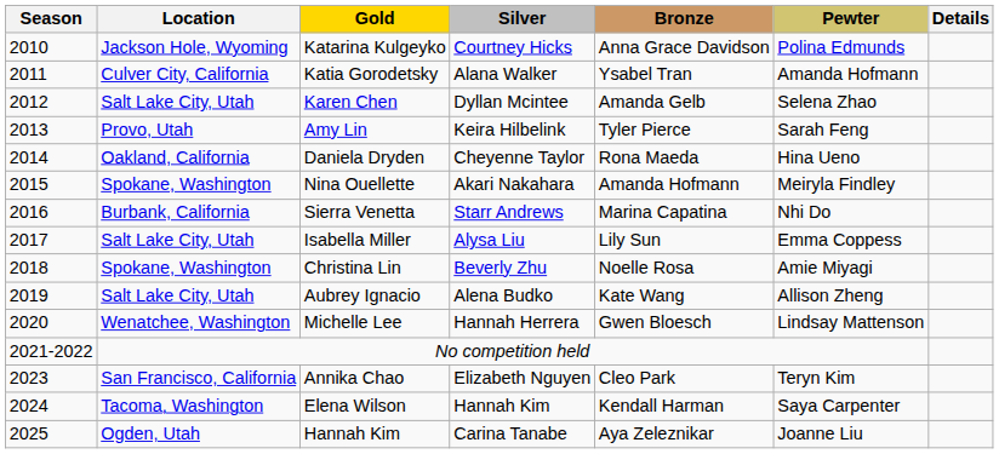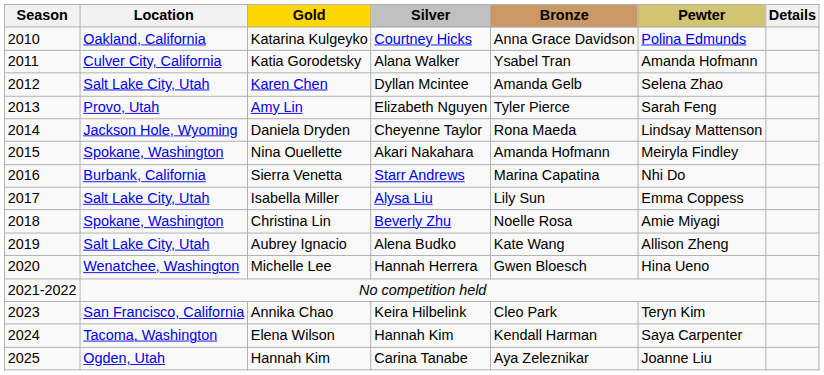 <table class="wikitable">
 <tr>
 <th>Season</th>
 <th>Location</th>
 <td align=center bgcolor=gold><strong>Gold</strong></td>
 <td align=center bgcolor=silver><strong>Silver</strong></td>
 <td align=center bgcolor=cc9966><strong>Bronze</strong></td>
 <td align=center bgcolor=d1c571><strong>Pewter</strong></td>
 <th>Details</th>
 </tr>
 <tr>
 <td>2010</td>
-<td><a href='#'>Jackson Hole, Wyoming</a></td>
+<td><a href='#'>Oakland, California</a></td>
 <td>Katarina Kulgeyko</td>
 <td><a href='#'>Courtney Hicks</a></td>
 <td>Anna Grace Davidson</td>
 <td><a href='#'>Polina Edmunds</a></td>
 <td></td>
 </tr>
 <tr>
 <td>2011</td>
 <td><a href='#'>Culver City, California</a></td>
 <td>Katia Gorodetsky</td>
 <td>Alana Walker</td>
 <td>Ysabel Tran</td>
 <td>Amanda Hofmann</td>
 <td></td>
 </tr>
 <tr>
 <td>2012</td>
 <td><a href='#'>Salt Lake City, Utah</a></td>
 <td><a href='#'>Karen Chen</a></td>
 <td>Dyllan Mcintee</td>
 <td>Amanda Gelb</td>
 <td>Selena Zhao</td>
 <td></td>
 </tr>
 <tr>
 <td>2013</td>
 <td><a href='#'>Provo, Utah</a></td>
 <td><a href='#'>Amy Lin</a></td>
-<td>Keira Hilbelink</td>
+<td>Elizabeth Nguyen</td>
 <td>Tyler Pierce</td>
 <td>Sarah Feng</td>
 <td></td>
 </tr>
 <tr>
 <td>2014</td>
-<td><a href='#'>Oakland, California</a></td>
+<td><a href='#'>Jackson Hole, Wyoming</a></td>
 <td>Daniela Dryden</td>
 <td>Cheyenne Taylor</td>
 <td>Rona Maeda</td>
-<td>Hina Ueno</td>
+<td>Lindsay Mattenson</td>
 <td></td>
 </tr>
 <tr>
 <td>2015</td>
 <td><a href='#'>Spokane, Washington</a></td>
 <td>Nina Ouellette</td>
 <td>Akari Nakahara</td>
 <td>Amanda Hofmann</td>
 <td>Meiryla Findley</td>
 <td></td>
 </tr>
 <tr>
 <td>2016</td>
 <td><a href='#'>Burbank, California</a></td>
 <td>Sierra Venetta</td>
 <td><a href='#'>Starr Andrews</a></td>
 <td>Marina Capatina</td>
 <td>Nhi Do</td>
 <td></td>
 </tr>
 <tr>
 <td>2017</td>
 <td><a href='#'>Salt Lake City, Utah</a></td>
 <td>Isabella Miller</td>
 <td><a href='#'>Alysa Liu</a></td>
 <td>Lily Sun</td>
 <td>Emma Coppess</td>
 <td></td>
 </tr>
 <tr>
 <td>2018</td>
 <td><a href='#'>Spokane, Washington</a></td>
 <td>Christina Lin</td>
 <td><a href='#'>Beverly Zhu</a></td>
 <td>Noelle Rosa</td>
 <td>Amie Miyagi</td>
 <td></td>
 </tr>
 <tr>
 <td>2019</td>
 <td><a href='#'>Salt Lake City, Utah</a></td>
 <td>Aubrey Ignacio</td>
 <td>Alena Budko</td>
 <td>Kate Wang</td>
 <td>Allison Zheng</td>
 <td></td>
 </tr>
 <tr>
 <td>2020</td>
 <td><a href='#'>Wenatchee, Washington</a></td>
 <td>Michelle Lee</td>
 <td>Hannah Herrera</td>
 <td>Gwen Bloesch</td>
-<td>Lindsay Mattenson</td>
+<td>Hina Ueno</td>
 <td></td>
 </tr>
 <tr>
 <td>2021-2022</td>
 <td colspan="5" align="center"><em>No competition held</em></td>
 <td></td>
 </tr>
 <tr>
 <td>2023</td>
 <td><a href='#'>San Francisco, California</a></td>
 <td>Annika Chao</td>
-<td>Elizabeth Nguyen</td>
+<td>Keira Hilbelink</td>
 <td>Cleo Park</td>
 <td>Teryn Kim</td>
 <td></td>
 </tr>
 <tr>
 <td>2024</td>
 <td><a href='#'>Tacoma, Washington</a></td>
 <td>Elena Wilson</td>
 <td>Hannah Kim</td>
 <td>Kendall Harman</td>
 <td>Saya Carpenter</td>
 <td></td>
 </tr>
 <tr>
 <td>2025</td>
 <td><a href='#'>Ogden, Utah</a></td>
 <td>Hannah Kim</td>
 <td>Carina Tanabe</td>
 <td>Aya Zeleznikar</td>
 <td>Joanne Liu</td>
 <td></td>
 </tr>
 </table>
